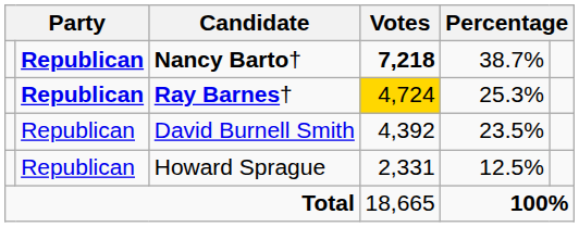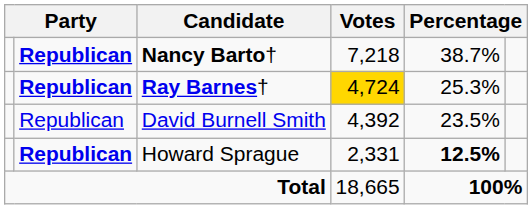 <table class="wikitable" style="text-align:right;">
 <tr style="background-color:#E9E9E9;text-align:center;">
 <th colspan=2>Party</th>
 <th>Candidate</th>
 <th>Votes</th>
 <th colspan=2>Percentage</th>
 </tr>
 <tr>
 <td style="background-color:"></td>
 <td style="text-align:left;"><strong><a href='#'>Republican</a></strong></td>
 <td style="text-align:left;"><strong>Nancy Barto</strong>†</td>
-<td style="text-align:right;"><strong>7,218</strong></td>
+<td style="text-align:right;">7,218</td>
 <td style="text-align:right;">38.7%</td>
 <td style="text-align:right;"><div><div> </div></div></td>
 </tr>
 <tr>
 <td style="background-color:"></td>
 <td style="text-align:left;"><strong><a href='#'>Republican</a></strong></td>
 <td style="text-align:left;"><strong><a href='#'>Ray Barnes</a></strong>†</td>
 <td style="background: gold; text-align:right;">4,724</td>
 <td style="text-align:right;">25.3%</td>
 <td style="text-align:right;"><div><div> </div></div></td>
 </tr>
 <tr>
 <td style="background-color:"></td>
 <td style="text-align:left;"><a href='#'>Republican</a></td>
 <td style="text-align:left;"><a href='#'>David Burnell Smith</a></td>
 <td style="text-align:right;">4,392</td>
 <td style="text-align:right;">23.5%</td>
 <td style="text-align:right;"><div><div> </div></div></td>
 </tr>
 <tr>
 <td style="background-color:"></td>
-<td style="text-align:left;"><a href='#'>Republican</a></td>
+<td style="text-align:left;"><strong><a href='#'>Republican</a></strong></td>
 <td style="text-align:left;">Howard Sprague</td>
 <td style="text-align:right;">2,331</td>
-<td style="text-align:right;">12.5%</td>
+<td style="text-align:right;"><strong>12.5%</strong></td>
 <td style="text-align:right;"><div><div> </div></div></td>
 </tr>
 <tr>
 <td colspan="3" style="text-align:right;"><strong>Total</strong></td>
 <td style="text-align:right;">18,665</td>
 <td style="text-align:right;" colspan=2><strong>100%</strong></td>
 </tr>
 </table>
